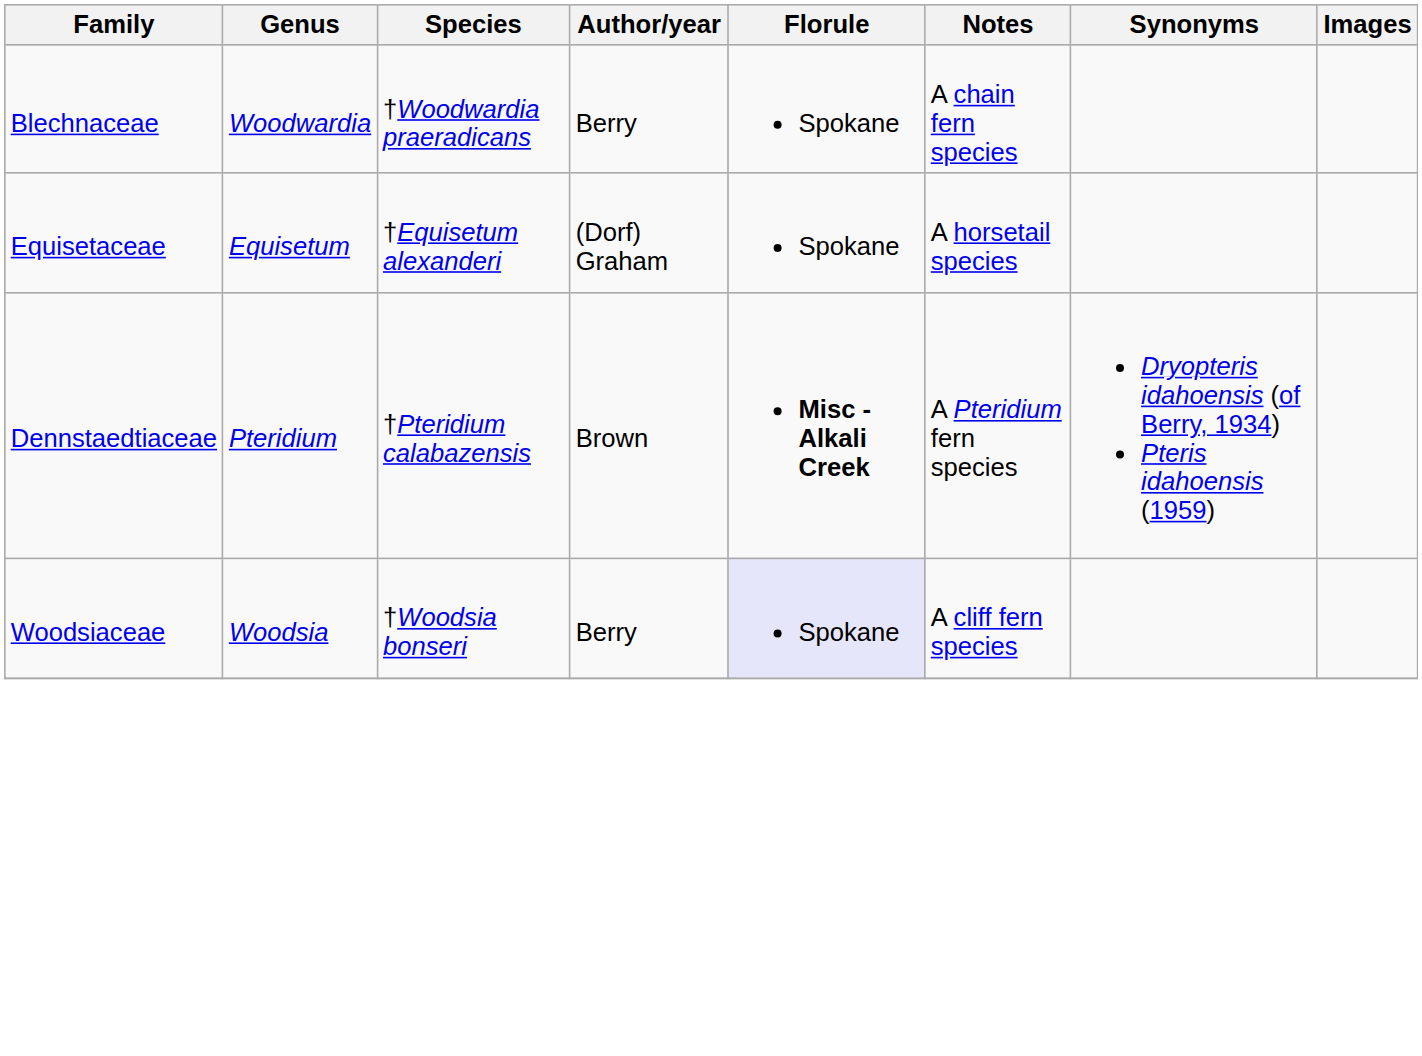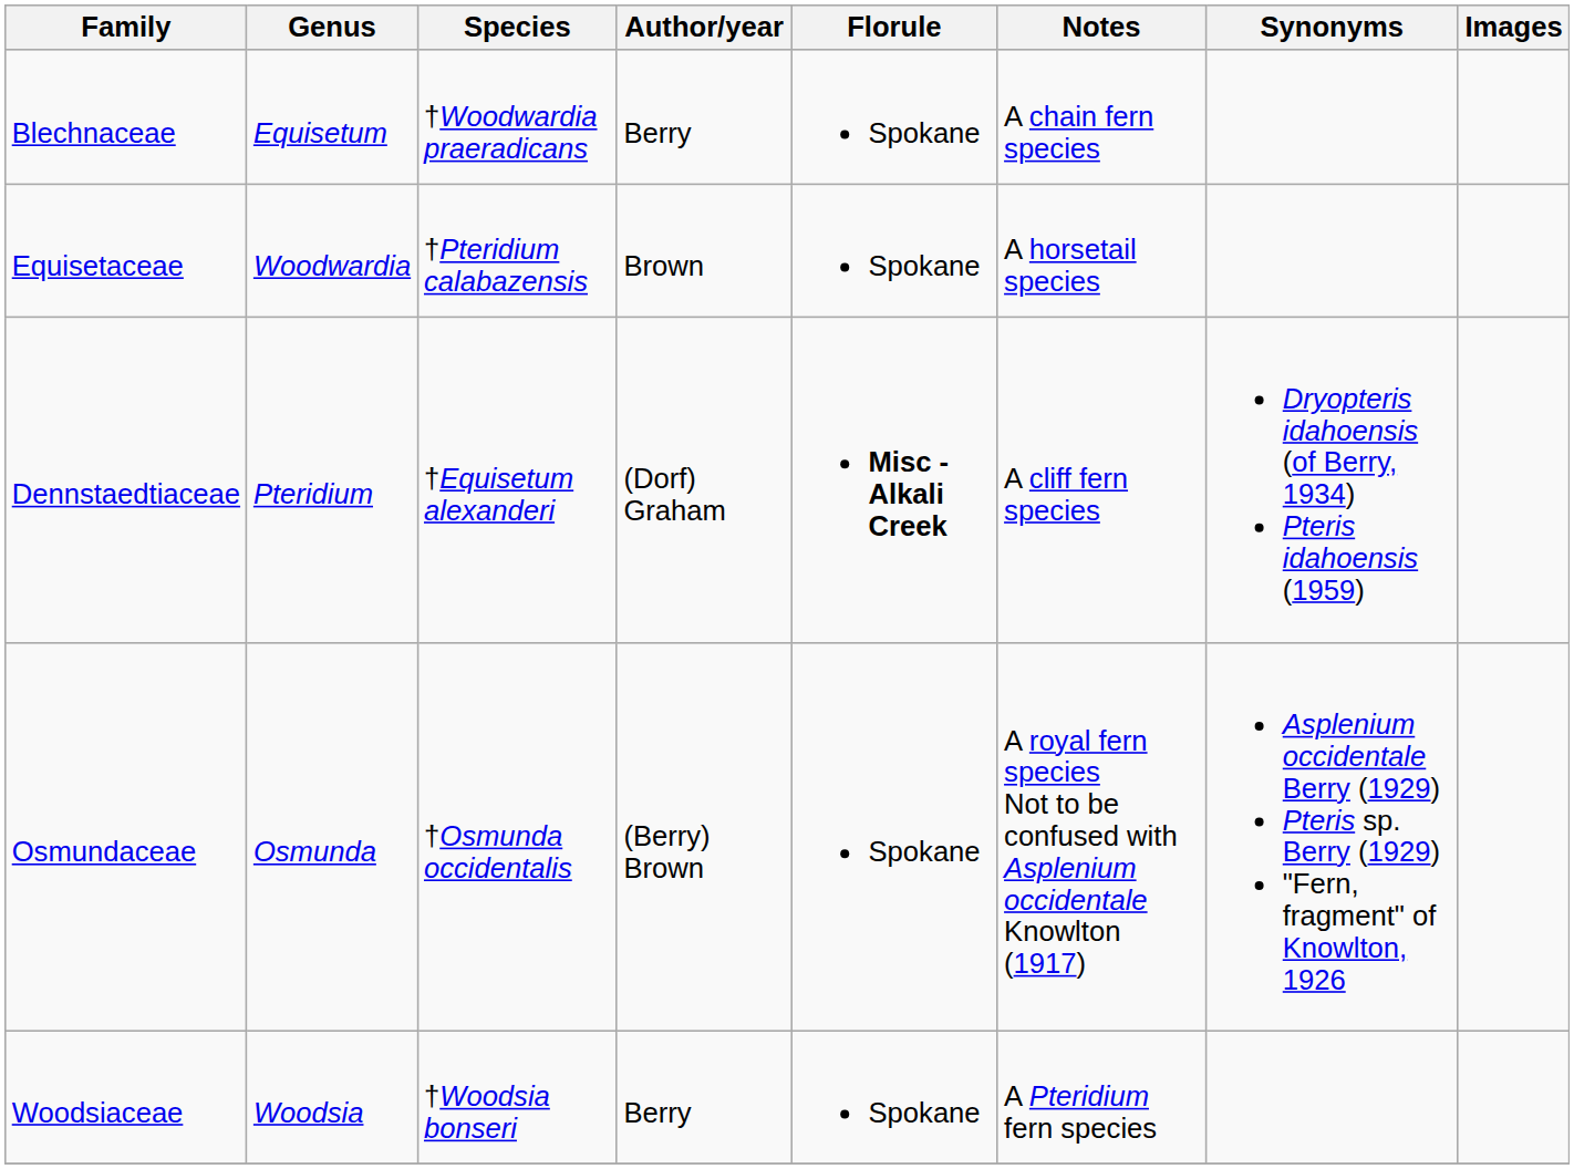 <table class="wikitable sortable mw-collapsible" style="margin:auto; width:100%">
 <tr>
 <th>Family</th>
 <th>Genus</th>
 <th>Species</th>
 <th>Author/year</th>
 <th>Florule</th>
 <th>Notes</th>
 <th>Synonyms</th>
 <th>Images</th>
 </tr>
 <tr>
 <td><br><a href='#'>Blechnaceae</a></td>
-<td><br><em><a href='#'>Woodwardia</a></em></td>
+<td><br><em><a href='#'>Equisetum</a></em></td>
 <td><br>†<em><a href='#'>Woodwardia praeradicans</a></em></td>
 <td><br>Berry</td>
 <td><br><ul><li>Spokane</li></ul></td>
 <td><br>A <a href='#'>chain fern species</a></td>
 <td></td>
 <td><br></td>
 </tr>
 <tr>
 <td><br><a href='#'>Equisetaceae</a></td>
-<td><br><em><a href='#'>Equisetum</a></em></td>
-<td><br>†<em><a href='#'>Equisetum alexanderi</a></em></td>
-<td><br>(Dorf) Graham</td>
+<td><br><em><a href='#'>Woodwardia</a></em></td>
+<td><br>†<em><a href='#'>Pteridium calabazensis</a></em></td>
+<td><br>Brown</td>
 <td><br><ul><li>Spokane</li></ul></td>
 <td><br>A <a href='#'>horsetail species</a></td>
 <td></td>
 <td></td>
 </tr>
 <tr>
 <td><br><a href='#'>Dennstaedtiaceae</a></td>
 <td><br><em><a href='#'>Pteridium</a></em></td>
-<td><br>†<em><a href='#'>Pteridium calabazensis</a></em></td>
-<td><br>Brown</td>
+<td><br>†<em><a href='#'>Equisetum alexanderi</a></em></td>
+<td><br>(Dorf) Graham</td>
 <td><strong><br><ul><li>Misc - Alkali Creek</li></ul></strong></td>
-<td><br>A <em><a href='#'>Pteridium</a></em> fern species</td>
+<td><br>A <a href='#'>cliff fern species</a></td>
 <td><br><ul><li><em><a href='#'>Dryopteris idahoensis</a></em> (<a href='#'>of Berry, 1934</a>)</li><li><em><a href='#'>Pteris idahoensis</a></em> (<a href='#'>1959</a>)</li></ul></td>
 <td></td>
+</tr>
+<tr>
+<td><br><a href='#'>Osmundaceae</a></td>
+<td><br><em><a href='#'>Osmunda</a></em></td>
+<td><br>†<em><a href='#'>Osmunda occidentalis</a></em></td>
+<td><br>(Berry) Brown</td>
+<td><br><ul><li>Spokane</li></ul></td>
+<td><br>A <a href='#'>royal fern species</a><br>Not to be confused with <em><a href='#'>Asplenium occidentale</a></em> Knowlton (<a href='#'>1917</a>)</td>
+<td><br><ul><li><em><a href='#'>Asplenium occidentale</a></em> <a href='#'>Berry</a> (<a href='#'>1929</a>)</li><li><em><a href='#'>Pteris</a></em> sp. <a href='#'>Berry</a> (<a href='#'>1929</a>)</li><li>"Fern, fragment" of <a href='#'>Knowlton, 1926</a></li></ul></td>
+<td><br></td>
 </tr>
 <tr>
 <td><br><a href='#'>Woodsiaceae</a></td>
 <td><br><em><a href='#'>Woodsia</a></em></td>
 <td><br>†<em><a href='#'>Woodsia bonseri</a></em></td>
 <td><br>Berry</td>
-<td style="background: lavender;"><br><ul><li>Spokane</li></ul></td>
-<td><br>A <a href='#'>cliff fern species</a></td>
+<td><br><ul><li>Spokane</li></ul></td>
+<td><br>A <em><a href='#'>Pteridium</a></em> fern species</td>
 <td></td>
 <td><br></td>
 </tr>
 <tr>
 </tr>
 </table>
